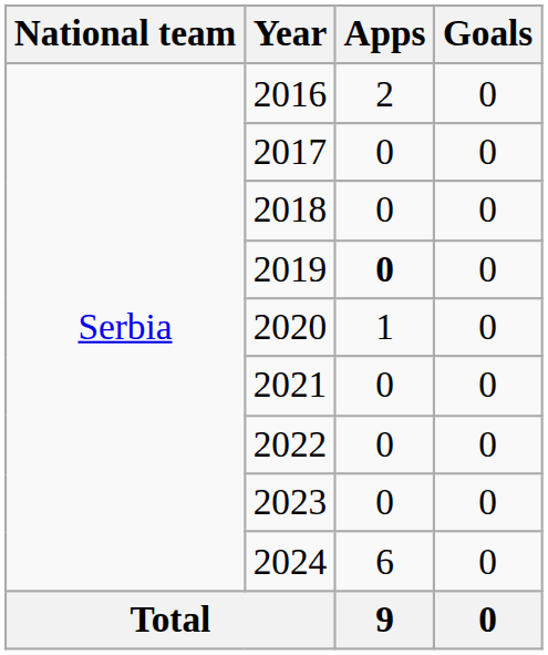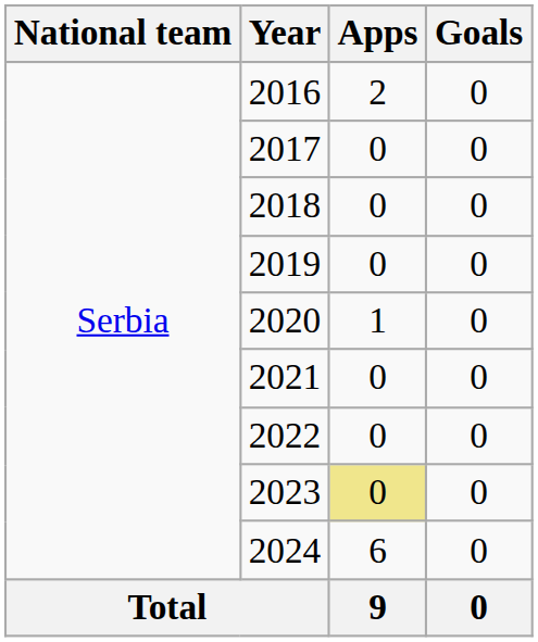 <table class="wikitable" style="text-align:center">
 <tr>
 <th>National team</th>
 <th>Year</th>
 <th>Apps</th>
 <th>Goals</th>
 </tr>
 <tr>
 <td rowspan="9" style="vertical-align:center"><a href='#'>Serbia</a></td>
 <td>2016</td>
 <td>2</td>
 <td>0</td>
 </tr>
 <tr>
 <td>2017</td>
 <td>0</td>
 <td>0</td>
 </tr>
 <tr>
 <td>2018</td>
 <td>0</td>
 <td>0</td>
 </tr>
 <tr>
 <td>2019</td>
-<td><strong>0</strong></td>
+<td>0</td>
 <td>0</td>
 </tr>
 <tr>
 <td>2020</td>
 <td>1</td>
 <td>0</td>
 </tr>
 <tr>
 <td>2021</td>
 <td>0</td>
 <td>0</td>
 </tr>
 <tr>
 <td>2022</td>
 <td>0</td>
 <td>0</td>
 </tr>
 <tr>
 <td>2023</td>
-<td>0</td>
+<td style="background: khaki;">0</td>
 <td>0</td>
 </tr>
 <tr>
 <td>2024</td>
 <td>6</td>
 <td>0</td>
 </tr>
 <tr>
 <th colspan="2">Total</th>
 <th>9</th>
 <th>0</th>
 </tr>
 </table>
